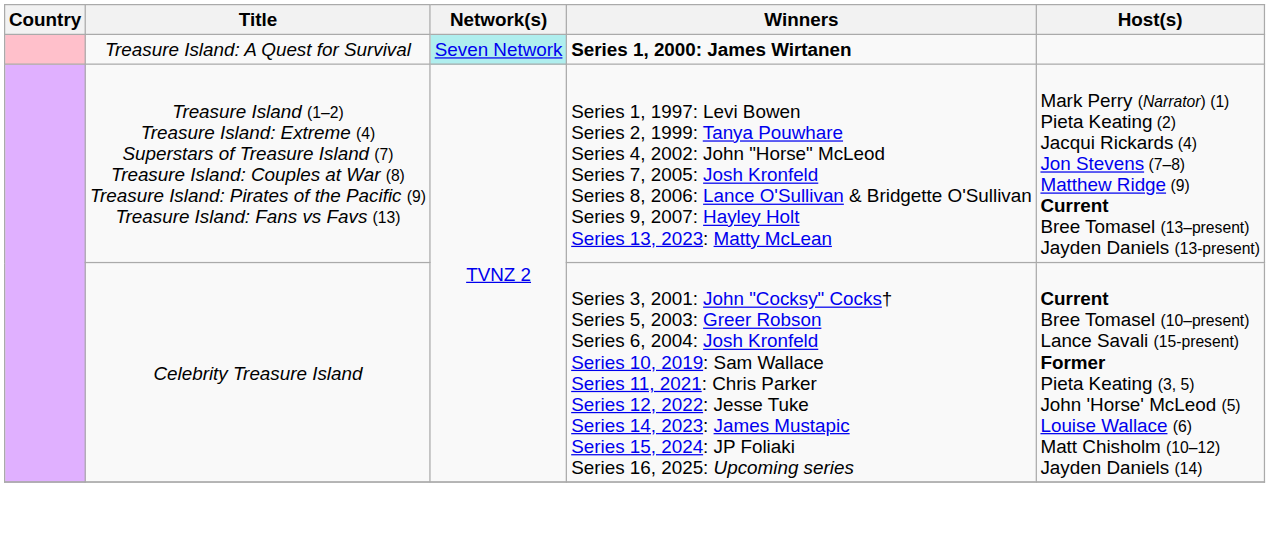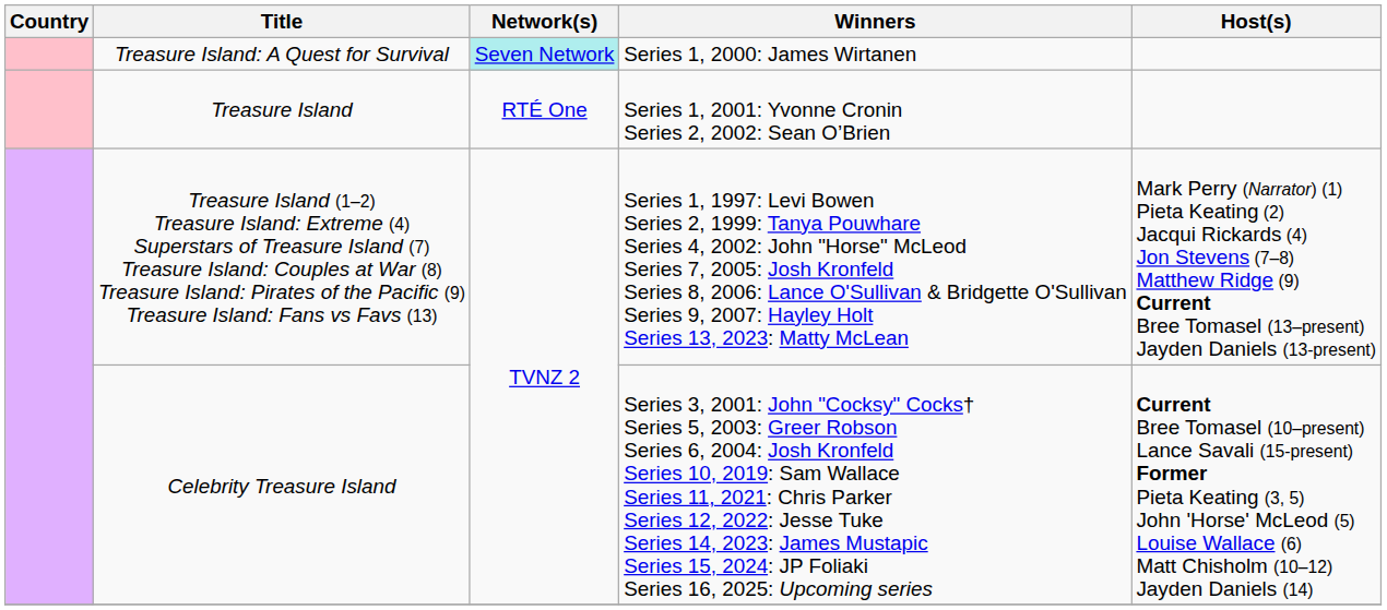 <table class="wikitable" style="text-align:left; font-size:95%;">
 <tr>
 <th>Country</th>
 <th>Title</th>
 <th>Network(s)</th>
 <th>Winners</th>
 <th>Host(s)</th>
 </tr>
 <tr>
 <td style="background:#FFC0CB;"></td>
 <td style="text-align:center;"><em>Treasure Island: A Quest for Survival</em></td>
 <td style="background: paleturquoise; text-align:center;"><a href='#'>Seven Network</a></td>
-<td><strong>Series 1, 2000: James Wirtanen</strong></td>
+<td>Series 1, 2000: James Wirtanen</td>
+<td></td>
+</tr>
+<tr>
+<td style="background:#FFC0CB;"></td>
+<td style="text-align:center;"><em>Treasure Island</em></td>
+<td style="text-align:center;"><a href='#'>RTÉ One</a></td>
+<td><br>Series 1, 2001: Yvonne Cronin<br> Series 2, 2002: Sean O’Brien</td>
 <td></td>
 </tr>
 <tr>
 <td rowspan="2" style="background:#E0B0FF;"></td>
 <td rowspan="1" style="text-align:center;"><em>Treasure Island</em> <small>(1–2)</small><br><em>Treasure Island: Extreme</em> <small>(4)</small><br><em>Superstars of Treasure Island</em> <small>(7)</small><br><em>Treasure Island: Couples at War</em> <small>(8)</small><br><em>Treasure Island: Pirates of the Pacific</em> <small>(9)</small><br><em>Treasure Island: Fans vs Favs</em> <small>(13)</small></td>
 <td rowspan="2" style="text-align:center;"><a href='#'>TVNZ 2</a></td>
 <td rowspan="1"><br>Series 1, 1997: Levi Bowen<br> Series 2, 1999: <a href='#'>Tanya Pouwhare</a><br> Series 4, 2002: John "Horse" McLeod<br> Series 7, 2005: <a href='#'>Josh Kronfeld</a><br> Series 8, 2006: <a href='#'>Lance O'Sullivan</a> & Bridgette O'Sullivan<br> Series 9, 2007: <a href='#'>Hayley Holt</a><br> <a href='#'>Series 13, 2023</a>: <a href='#'>Matty McLean</a></td>
 <td rowspan="1"><br>Mark Perry <small>(<em>Narrator</em>)</small><small> (1)</small><br> Pieta Keating<small> (2)</small><br>  Jacqui Rickards<small> (4)</small><br>  <a href='#'>Jon Stevens</a><small> (7–8)</small><br>  <a href='#'>Matthew Ridge</a><small> (9)</small><br>  <strong>Current</strong><br> Bree Tomasel <small>(13–present)</small> <br> Jayden Daniels <small>(13-present)</small><br></td>
 </tr>
 <tr>
 <td rowspan="1" style="text-align:center;"><em>Celebrity Treasure Island</em></td>
 <td rowspan="1"><br>Series 3, 2001: <a href='#'>John "Cocksy" Cocks</a>†<br> Series 5, 2003: <a href='#'>Greer Robson</a><br> Series 6, 2004: <a href='#'>Josh Kronfeld</a><br> <a href='#'>Series 10, 2019</a>: Sam Wallace<br> <a href='#'>Series 11, 2021</a>: Chris Parker<br> <a href='#'>Series 12, 2022</a>: Jesse Tuke<br> <a href='#'>Series 14, 2023</a>: <a href='#'>James Mustapic</a><br> <a href='#'>Series 15, 2024</a>: JP Foliaki<br> Series 16, 2025: <em>Upcoming series</em></td>
 <td rowspan="1"><br><strong>Current</strong><br> Bree Tomasel <small>(10–present)</small> <br> Lance Savali <small>(15-present)</small> <br> <strong>Former</strong><br> Pieta Keating <small>(3, 5)</small><br>  John 'Horse' McLeod <small>(5)</small><br>  <a href='#'>Louise Wallace</a> <small>(6)</small><br> Matt Chisholm <small>(10–12)</small><br> Jayden Daniels <small>(14)</small><br></td>
 </tr>
 <tr>
 </tr>
 </table>
